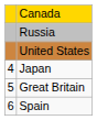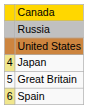 <table class="wikitable">
 <tr style="background:gold;">
 <td align=center></td>
 <td> Canada</td>
 </tr>
 <tr style="background:silver;">
 <td align=center></td>
 <td> Russia</td>
 </tr>
 <tr style="background:peru;">
 <td align=center></td>
 <td> United States</td>
 </tr>
 <tr>
-<td align=center>4</td>
+<td align=center style="background: khaki;">4</td>
 <td> Japan</td>
 </tr>
 <tr>
 <td align=center>5</td>
 <td> Great Britain</td>
 </tr>
 <tr>
-<td align=center>6</td>
+<td align=center style="background: khaki;">6</td>
 <td> Spain</td>
 </tr>
 </table>
